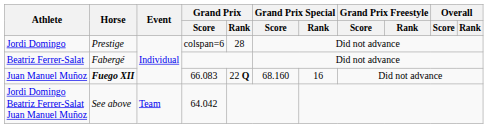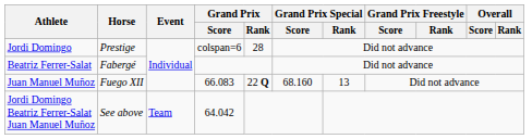 <table class=wikitable style="font-size:90%">
 <tr>
 <th rowspan="2">Athlete</th>
 <th rowspan="2">Horse</th>
 <th rowspan="2">Event</th>
 <th colspan="2">Grand Prix</th>
 <th colspan="2">Grand Prix Special</th>
 <th colspan="2">Grand Prix Freestyle</th>
 <th colspan="2">Overall</th>
 </tr>
 <tr style="font-size:95%">
 <th>Score</th>
 <th>Rank</th>
 <th>Score</th>
 <th>Rank</th>
 <th>Score</th>
 <th>Rank</th>
 <th>Score</th>
 <th>Rank</th>
 </tr>
 <tr align=center>
 <td align=left><a href='#'>Jordi Domingo</a></td>
 <td align=left><em>Prestige</em></td>
 <td align=left rowspan=3><a href='#'>Individual</a></td>
 <td>colspan=6 </td>
 <td>28</td>
 <td colspan=6>Did not advance</td>
 </tr>
 <tr align=center>
 <td align=left><a href='#'>Beatriz Ferrer-Salat</a></td>
 <td align=left><em>Fabergé</em></td>
 <td colspan=2></td>
 <td colspan=6>Did not advance</td>
 </tr>
 <tr align=center>
 <td align=left><a href='#'>Juan Manuel Muñoz</a></td>
-<td align=left><strong><em>Fuego XII</em></strong></td>
+<td align=left><em>Fuego XII</em></td>
 <td>66.083</td>
 <td>22 <strong>Q</strong></td>
 <td>68.160</td>
-<td>16</td>
+<td>13</td>
 <td colspan=4>Did not advance</td>
 </tr>
 <tr align=center>
 <td align=left><a href='#'>Jordi Domingo</a><br><a href='#'>Beatriz Ferrer-Salat</a><br><a href='#'>Juan Manuel Muñoz</a></td>
 <td align=left><em>See above</em></td>
 <td align=left><a href='#'>Team</a></td>
 <td>64.042</td>
 <td colspan=2></td>
 </tr>
 </table>
